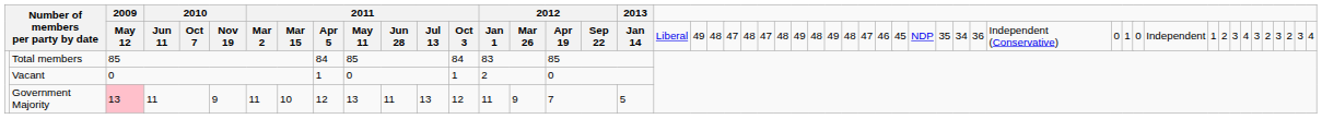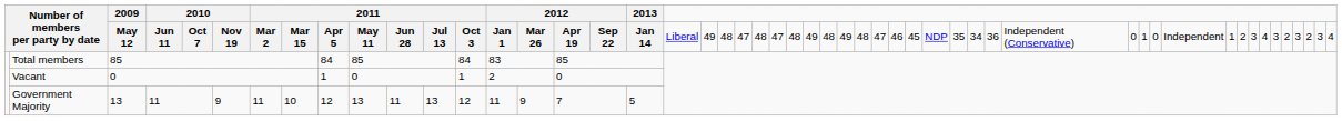 <table class="wikitable">
 <tr>
 <th colspan=2 rowspan=2>Number of members<br>per party by date</th>
 <th>2009</th>
 <th colspan=3>2010</th>
 <th colspan=7>2011</th>
 <th colspan=4>2012</th>
 <th colspan=1>2013</th>
 </tr>
 <tr>
 <th>May 12</th>
 <th>Jun 11</th>
 <th>Oct 7</th>
 <th>Nov 19</th>
 <th>Mar 2</th>
 <th>Mar 15</th>
 <th>Apr 5</th>
 <th>May 11</th>
 <th>Jun 28</th>
 <th>Jul 13</th>
 <th>Oct 3</th>
 <th>Jan 1</th>
 <th>Mar 26</th>
 <th>Apr 19</th>
 <th>Sep 22</th>
 <th>Jan 14<br></th>
 <td><a href='#'>Liberal</a></td>
 <td>49</td>
 <td colspan=2>48</td>
 <td>47</td>
 <td>48</td>
 <td>47</td>
 <td>48</td>
 <td>49</td>
 <td>48</td>
 <td>49</td>
 <td>48</td>
 <td>47</td>
 <td colspan=3>46</td>
 <td>45<br></td>
 <td><a href='#'>NDP</a></td>
 <td colspan=2>35</td>
 <td colspan=11>34</td>
 <td colspan=3>36<br></td>
 <td>Independent (<a href='#'>Conservative</a>)</td>
 <td colspan=12>0</td>
 <td colspan=2>1</td>
 <td colspan=2>0<br></td>
 <td>Independent</td>
 <td>1</td>
 <td>2</td>
 <td>3</td>
 <td>4</td>
 <td colspan=2>3</td>
 <td colspan=2>2</td>
 <td>3</td>
 <td colspan=5>2</td>
 <td>3</td>
 <td>4</td>
 </tr>
 <tr>
 <td rowspan=3></td>
 <td>Total members</td>
 <td colspan=6>85</td>
 <td>84</td>
 <td colspan=3>85</td>
 <td>84</td>
 <td colspan=2>83</td>
 <td colspan=3>85</td>
 </tr>
 <tr>
 <td>Vacant</td>
 <td colspan=6>0</td>
 <td>1</td>
 <td colspan=3>0</td>
 <td>1</td>
 <td colspan=2>2</td>
 <td colspan=3>0</td>
 </tr>
 <tr>
 <td>Government Majority</td>
-<td style="background: pink;">13</td>
+<td>13</td>
 <td colspan=2>11</td>
 <td>9</td>
 <td>11</td>
 <td>10</td>
 <td>12</td>
 <td>13</td>
 <td>11</td>
 <td>13</td>
 <td>12</td>
 <td>11</td>
 <td>9</td>
 <td colspan=2>7</td>
 <td>5</td>
 </tr>
 </table>
